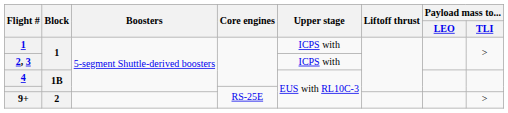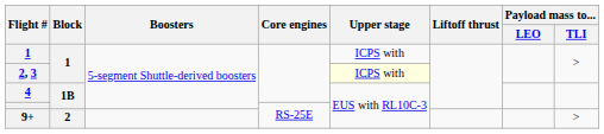 <table class="wikitable" style="text-align:center;font-size:80%">
 <tr>
 <th rowspan=2>Flight #</th>
 <th rowspan=2>Block</th>
 <th rowspan="2">Boosters</th>
 <th rowspan="2">Core engines</th>
 <th rowspan=2>Upper stage</th>
 <th rowspan=2>Liftoff thrust</th>
 <th colspan=2>Payload mass to...</th>
 </tr>
 <tr>
 <th><a href='#'>LEO</a></th>
 <th><a href='#'>TLI</a></th>
 </tr>
 <tr>
 <th><a href='#'>1</a></th>
 <th rowspan=2>1</th>
 <td rowspan="4"><a href='#'>5-segment Shuttle-derived boosters</a></td>
 <td rowspan="3"></td>
 <td><a href='#'>ICPS</a> with </td>
 <td rowspan=4></td>
 <td rowspan=2></td>
 <td rowspan=2>></td>
 </tr>
 <tr>
 <th><a href='#'>2</a>, <a href='#'>3</a></th>
-<td><a href='#'>ICPS</a> with </td>
+<td style="background: lightyellow;"><a href='#'>ICPS</a> with </td>
 </tr>
 <tr>
 <th><a href='#'>4</a></th>
 <th rowspan=2>1B</th>
 <td rowspan=3><a href='#'>EUS</a> with <a href='#'>RL10C-3</a></td>
 <td rowspan=2></td>
 <td rowspan=2></td>
 </tr>
 <tr>
 <th></th>
 <td rowspan=2><a href='#'>RS-25E</a></td>
 </tr>
 <tr>
 <th>9+</th>
 <th>2</th>
 <td></td>
 <td></td>
 <td></td>
 <td>></td>
 </tr>
 </table>
